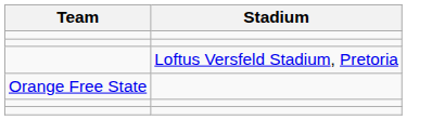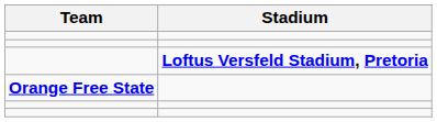 <table class="wikitable sortable">
 <tr>
 <th>Team</th>
 <th>Stadium</th>
 </tr>
 <tr>
 <td></td>
 <td></td>
 </tr>
 <tr>
 <td></td>
 <td></td>
 </tr>
 <tr>
 <td></td>
-<td><a href='#'>Loftus Versfeld Stadium</a>, <a href='#'>Pretoria</a></td>
+<td><strong><a href='#'>Loftus Versfeld Stadium</a>, <a href='#'>Pretoria</a></strong></td>
 </tr>
 <tr>
-<td><a href='#'>Orange Free State</a></td>
+<td><strong><a href='#'>Orange Free State</a></strong></td>
 <td></td>
 </tr>
 <tr>
 <td></td>
 <td></td>
 </tr>
 <tr>
 <td></td>
 <td></td>
 </tr>
 </table>
